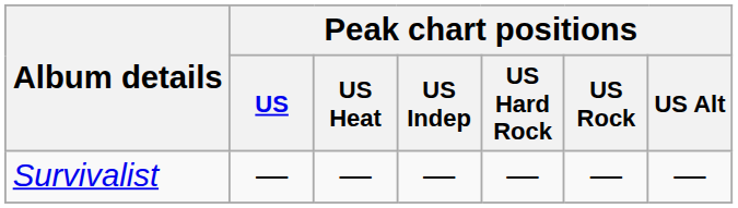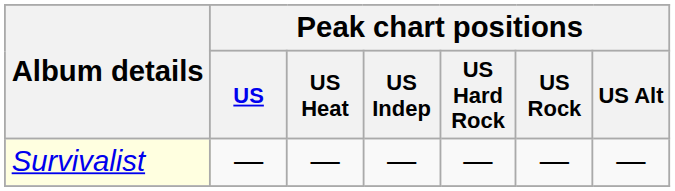 <table class="wikitable" style="text-align:center;">
 <tr>
 <th rowspan="2">Album details</th>
 <th colspan="19">Peak chart positions</th>
 </tr>
 <tr>
 <th style="width:3em;font-size:75%"><a href='#'>US</a></th>
 <th style="width:3em;font-size:75%">US Heat</th>
 <th style="width:3em;font-size:75%">US Indep</th>
 <th style="width:3em;font-size:75%">US Hard Rock</th>
 <th style="width:3em;font-size:75%">US Rock</th>
 <th style="width:3em;font-size:75%">US Alt</th>
 </tr>
 <tr>
-<td align=left><em><a href='#'>Survivalist</a></em><br></td>
+<td align=left style="background: lightyellow;"><em><a href='#'>Survivalist</a></em><br></td>
 <td>—</td>
 <td>—</td>
 <td>—</td>
 <td>—</td>
 <td>—</td>
 <td>—</td>
 </tr>
 </table>
